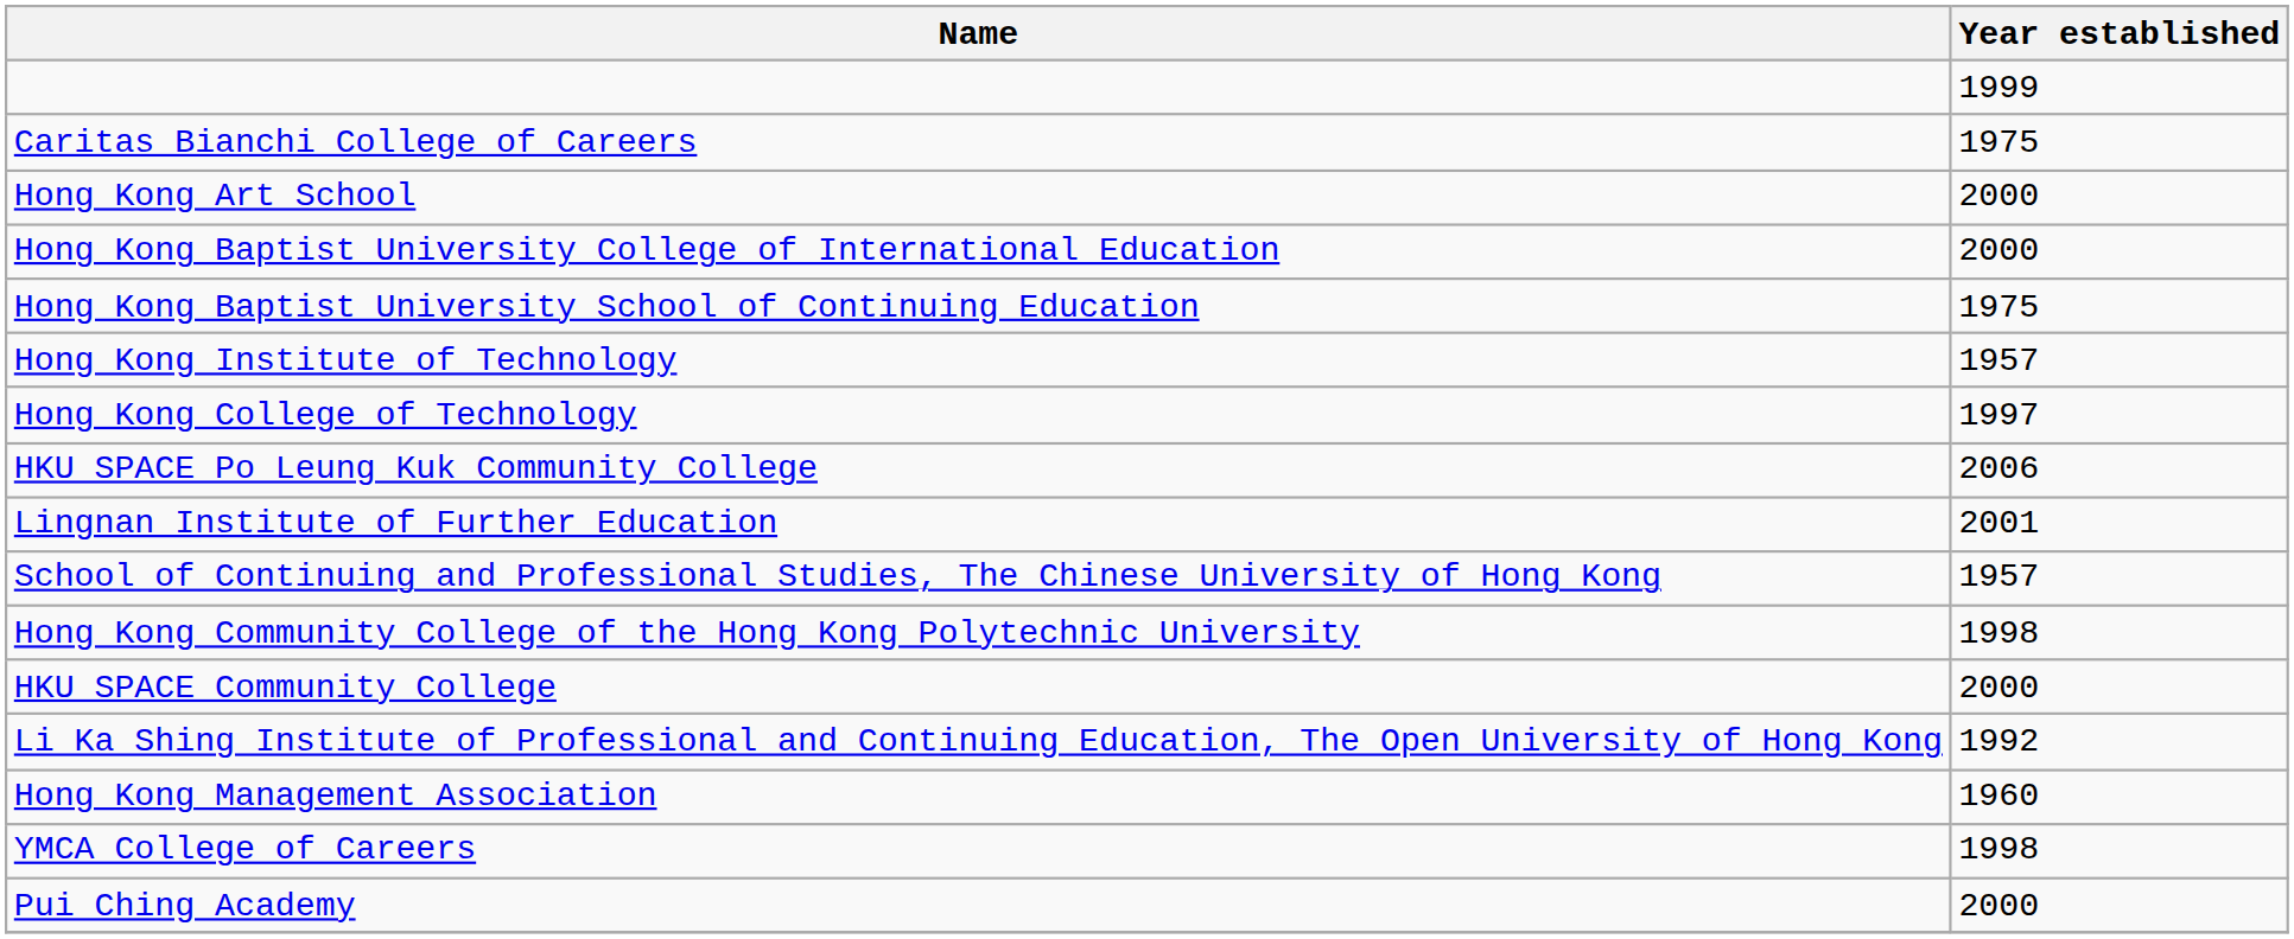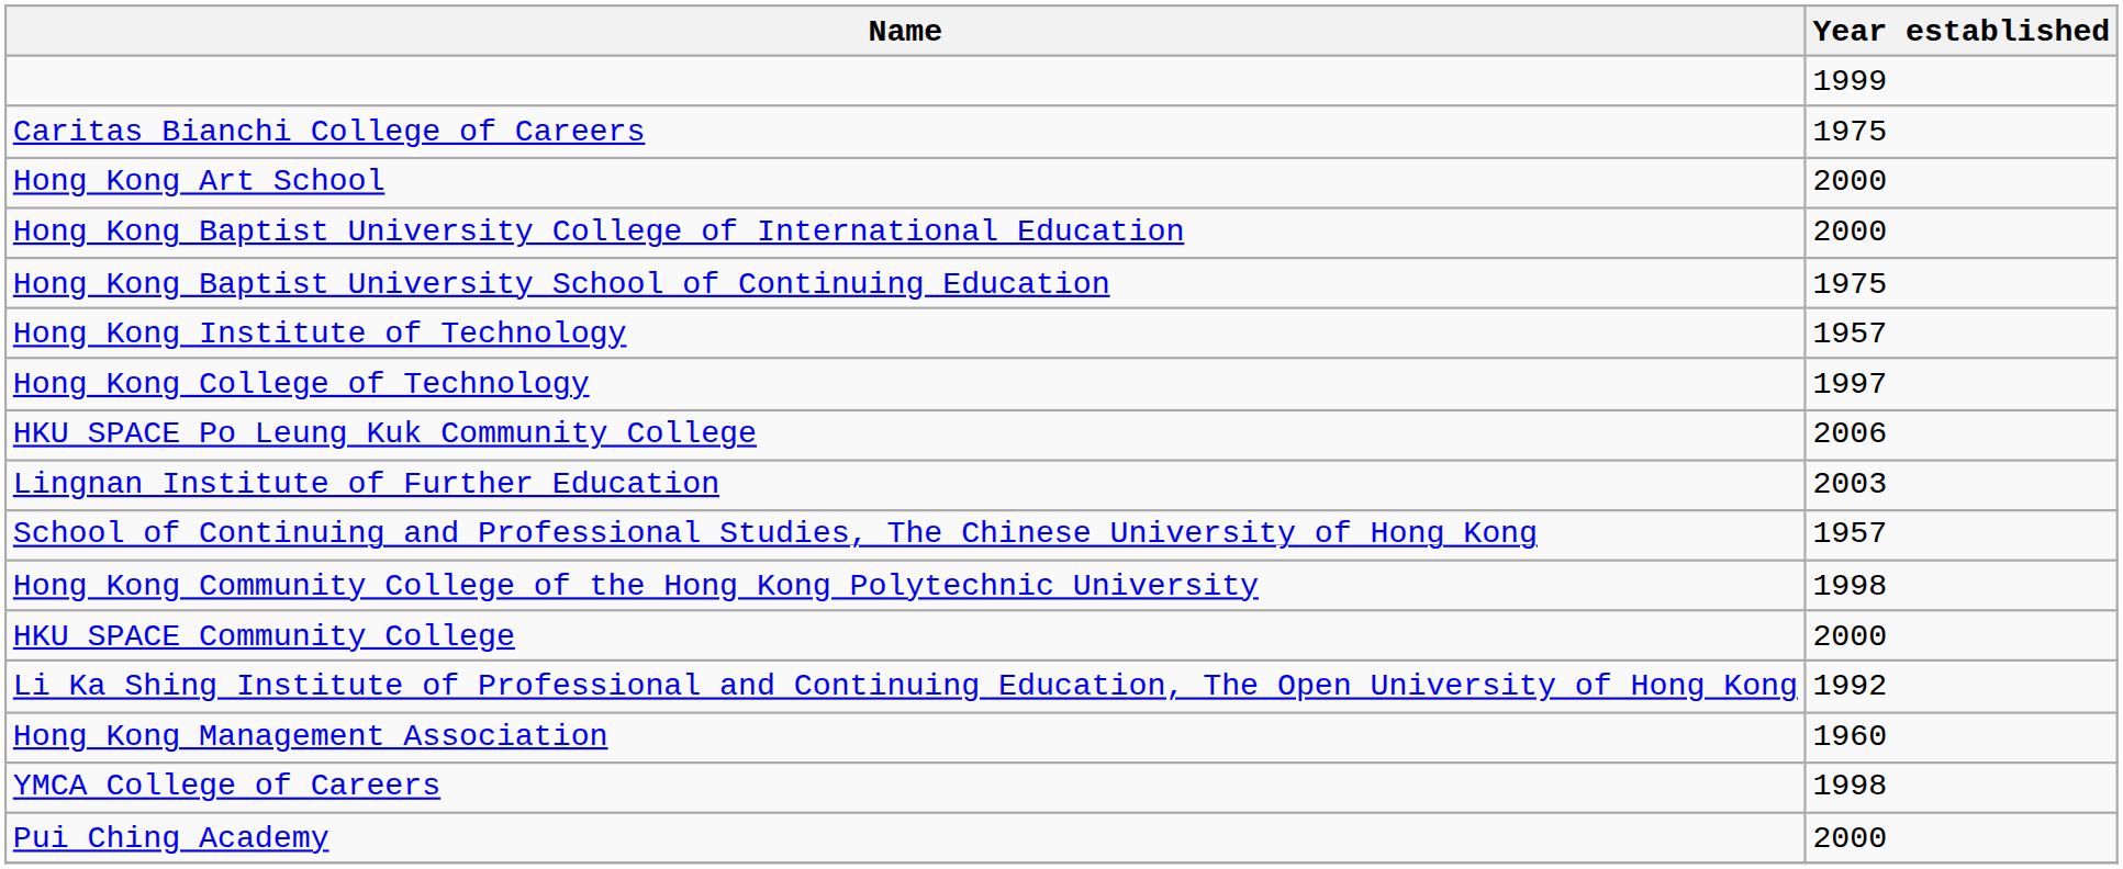 <table class="wikitable" align="center">
 <tr>
 <th>Name</th>
 <th>Year established</th>
 </tr>
 <tr>
 <td><br></td>
 <td>1999</td>
 </tr>
 <tr>
 <td><a href='#'>Caritas Bianchi College of Careers</a><br></td>
 <td>1975</td>
 </tr>
 <tr>
 <td><a href='#'>Hong Kong Art School</a><br></td>
 <td>2000</td>
 </tr>
 <tr>
 <td><a href='#'>Hong Kong Baptist University College of International Education</a><br></td>
 <td>2000</td>
 </tr>
 <tr>
 <td><a href='#'>Hong Kong Baptist University School of Continuing Education</a><br></td>
 <td>1975</td>
 </tr>
 <tr>
 <td><a href='#'>Hong Kong Institute of Technology</a><br></td>
 <td>1957</td>
 </tr>
 <tr>
 <td><a href='#'>Hong Kong College of Technology</a><br></td>
 <td>1997</td>
 </tr>
 <tr>
 <td><a href='#'>HKU SPACE Po Leung Kuk Community College</a><br></td>
 <td>2006</td>
 </tr>
 <tr>
 <td><a href='#'>Lingnan Institute of Further Education</a><br></td>
-<td>2001</td>
+<td>2003</td>
 </tr>
 <tr>
 <td><a href='#'>School of Continuing and Professional Studies, The Chinese University of Hong Kong</a><br></td>
 <td>1957</td>
 </tr>
 <tr>
 <td><a href='#'>Hong Kong Community College of the Hong Kong Polytechnic University</a><br></td>
 <td>1998</td>
 </tr>
 <tr>
 <td><a href='#'>HKU SPACE Community College</a><br></td>
 <td>2000</td>
 </tr>
 <tr>
 <td><a href='#'>Li Ka Shing Institute of Professional and Continuing Education, The Open University of Hong Kong</a><br></td>
 <td>1992</td>
 </tr>
 <tr>
 <td><a href='#'>Hong Kong Management Association</a><br></td>
 <td>1960</td>
 </tr>
 <tr>
 <td><a href='#'>YMCA College of Careers</a><br></td>
 <td>1998</td>
 </tr>
 <tr>
 <td><a href='#'>Pui Ching Academy</a><br></td>
 <td>2000</td>
 </tr>
 <tr>
 </tr>
 </table>
